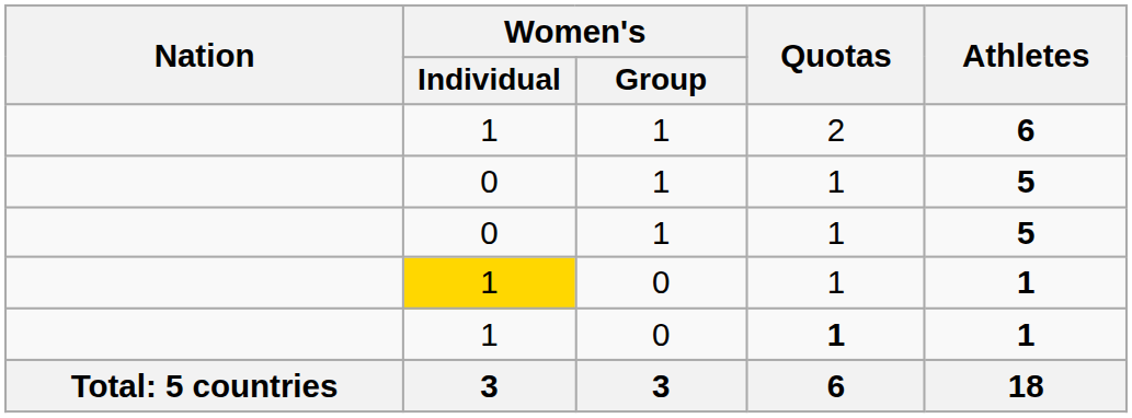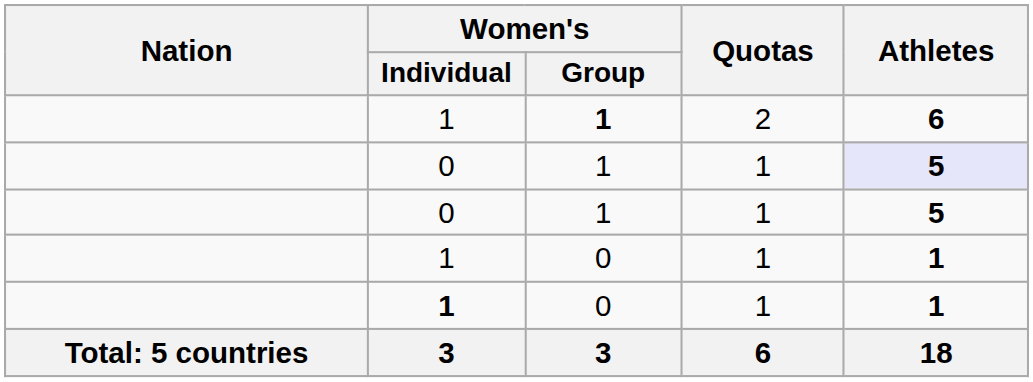 <table class="wikitable" width=500 style="text-align:center; font-size:90%">
 <tr>
 <th rowspan="2" align="left">Nation</th>
 <th colspan="2">Women's</th>
 <th rowspan="2">Quotas</th>
 <th rowspan="2">Athletes</th>
 </tr>
 <tr style="font-size:95%">
 <th width=70>Individual</th>
 <th width=70>Group</th>
 </tr>
 <tr>
 <td align=left></td>
 <td>1</td>
-<td>1</td>
+<td><strong>1</strong></td>
 <td>2</td>
 <td><strong>6</strong></td>
+</tr>
+<tr>
+<td align=left></td>
+<td>0</td>
+<td>1</td>
+<td>1</td>
+<td style="background: lavender;"><strong>5</strong></td>
 </tr>
 <tr>
 <td align=left></td>
 <td>0</td>
 <td>1</td>
 <td>1</td>
 <td><strong>5</strong></td>
 </tr>
 <tr>
 <td align=left></td>
-<td>0</td>
 <td>1</td>
-<td>1</td>
-<td><strong>5</strong></td>
-</tr>
-<tr>
-<td align=left></td>
-<td style="background: gold;">1</td>
 <td>0</td>
 <td>1</td>
 <td><strong>1</strong></td>
 </tr>
 <tr>
 <td align=left></td>
+<td><strong>1</strong></td>
+<td>0</td>
 <td>1</td>
-<td>0</td>
-<td><strong>1</strong></td>
 <td><strong>1</strong></td>
 </tr>
 <tr>
 <th>Total: 5 countries</th>
 <th>3</th>
 <th>3</th>
 <th>6</th>
 <th>18</th>
 </tr>
 </table>
